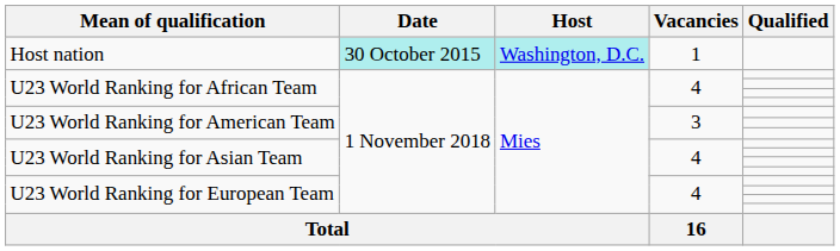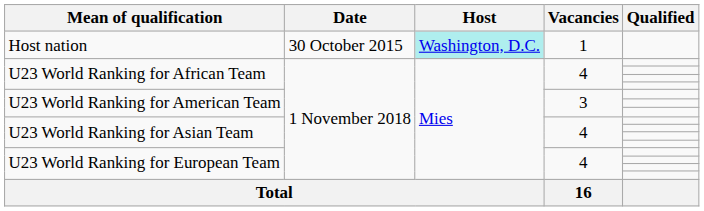 <table class="wikitable">
 <tr>
 <th>Mean of qualification</th>
 <th>Date</th>
 <th>Host</th>
 <th>Vacancies</th>
 <th>Qualified</th>
 </tr>
 <tr>
 <td>Host nation</td>
-<td style="background: paleturquoise;">30 October 2015</td>
+<td>30 October 2015</td>
 <td style="background: paleturquoise;"> <a href='#'>Washington, D.C.</a></td>
 <td style="text-align:center;">1</td>
 <td></td>
 </tr>
 <tr>
 <td rowspan="4">U23 World Ranking for African Team</td>
 <td rowspan="15">1 November 2018</td>
 <td rowspan="15"> <a href='#'>Mies</a></td>
 <td rowspan="4" style="text-align:center;">4</td>
 <td></td>
 </tr>
 <tr>
 <td></td>
 </tr>
 <tr>
 <td></td>
 </tr>
 <tr>
 <td></td>
 </tr>
 <tr>
 <td rowspan="3">U23 World Ranking for American Team</td>
 <td rowspan="3" style="text-align:center;">3</td>
 <td></td>
 </tr>
 <tr>
 <td></td>
 </tr>
 <tr>
 <td></td>
 </tr>
 <tr>
 <td rowspan="4">U23 World Ranking for Asian Team</td>
 <td rowspan="4" style="text-align:center;">4</td>
 <td></td>
 </tr>
 <tr>
 <td></td>
 </tr>
 <tr>
 <td></td>
 </tr>
 <tr>
 <td></td>
 </tr>
 <tr>
 <td rowspan="4">U23 World Ranking for European Team</td>
 <td rowspan="4" style="text-align:center;">4</td>
 <td></td>
 </tr>
 <tr>
 <td></td>
 </tr>
 <tr>
 <td></td>
 </tr>
 <tr>
 <td></td>
 </tr>
 <tr>
 <th colspan="3">Total</th>
 <th>16</th>
 <th></th>
 </tr>
 </table>
